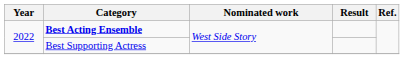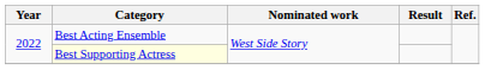 <table class=wikitable>
 <tr>
 <th scope="col" style="width:5em;">Year</th>
 <th scope="col" style="width:26em;">Category</th>
 <th scope="col" style="width:25em;">Nominated work</th>
 <th scope="col" style="width:5em;">Result</th>
 <th>Ref.</th>
 </tr>
 <tr>
 <td style="text-align:center;", rowspan="2"><a href='#'>2022</a></td>
-<td><strong><a href='#'>Best Acting Ensemble</a></strong></td>
+<td><a href='#'>Best Acting Ensemble</a></td>
 <td rowspan=2><em><a href='#'>West Side Story</a></em></td>
 <td></td>
 <td style="text-align:center;" rowspan="2"></td>
 </tr>
 <tr>
-<td><a href='#'>Best Supporting Actress</a></td>
+<td style="background: lightyellow;"><a href='#'>Best Supporting Actress</a></td>
 <td></td>
 </tr>
 <tr>
 </tr>
 </table>
